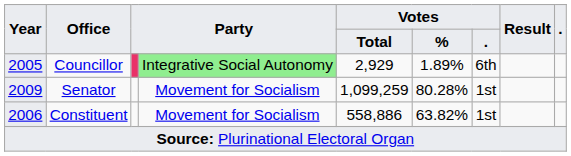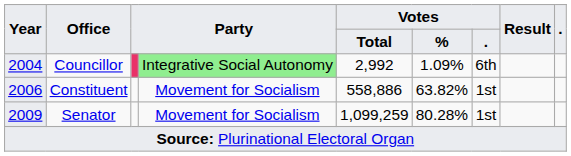 <table class="wikitable" style="font-size:90%; text-align:center;">
 <tr>
 <th style="background-color:#EAECF0;" rowspan=2>Year</th>
 <th style="background-color:#EAECF0;" rowspan=2>Office</th>
 <th style="background-color:#EAECF0;" colspan=2 rowspan=2>Party</th>
 <th style="background-color:#EAECF0;" colspan=3>Votes</th>
 <th style="background-color:#EAECF0;" rowspan=2>Result</th>
 <th style="background-color:#EAECF0;" rowspan=2>.</th>
 </tr>
 <tr>
 <th style="background-color:#EAECF0;">Total</th>
 <th style="background-color:#EAECF0;">%</th>
 <th style="background-color:#EAECF0;">.</th>
 </tr>
 <tr>
-<td style="background-color:#EAECF0;"><a href='#'>2005</a></td>
+<td style="background-color:#EAECF0;"><a href='#'>2004</a></td>
 <td><a href='#'>Councillor</a></td>
 <td style="background-color:#E93268;"></td>
 <td style="background: lightgreen;">Integrative Social Autonomy</td>
-<td>2,929</td>
-<td>1.89%</td>
+<td>2,992</td>
+<td>1.09%</td>
 <td>6th</td>
+<td></td>
+<td></td>
+</tr>
+<tr>
+<td style="background-color:#EAECF0;"><a href='#'>2006</a></td>
+<td><a href='#'>Constituent</a></td>
+<td style="background-color:"></td>
+<td><a href='#'>Movement for Socialism</a></td>
+<td>558,886</td>
+<td>63.82%</td>
+<td>1st</td>
 <td></td>
 <td></td>
 </tr>
 <tr>
 <td style="background-color:#EAECF0;"><a href='#'>2009</a></td>
 <td><a href='#'>Senator</a></td>
 <td style="background-color:"></td>
 <td><a href='#'>Movement for Socialism</a></td>
 <td>1,099,259</td>
 <td>80.28%</td>
 <td>1st</td>
 <td></td>
 <td></td>
 </tr>
 <tr>
-<td style="background-color:#EAECF0;"><a href='#'>2006</a></td>
-<td><a href='#'>Constituent</a></td>
-<td style="background-color:"></td>
-<td><a href='#'>Movement for Socialism</a></td>
-<td>558,886</td>
-<td>63.82%</td>
-<td>1st</td>
-<td></td>
-<td></td>
-</tr>
-<tr>
 <td style="background-color:#EAECF0;" colspan=9><strong>Source:</strong> <a href='#'>Plurinational Electoral Organ</a>  </td>
 </tr>
 </table>
